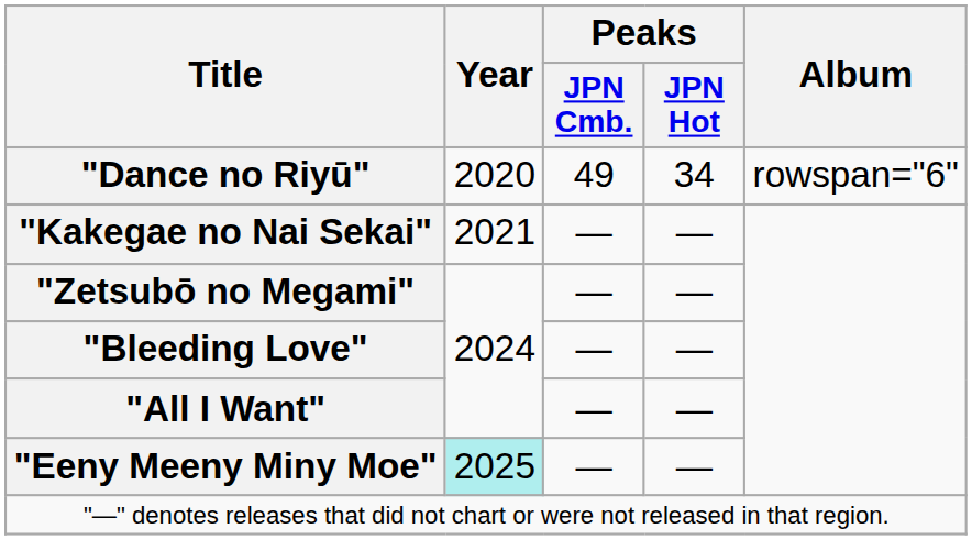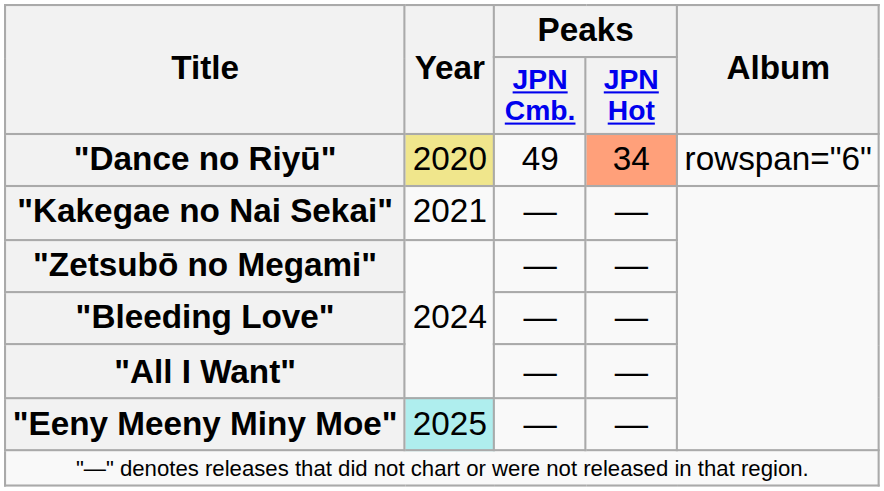 <table class="wikitable plainrowheaders" style="text-align:center">
 <tr>
 <th scope="col" rowspan="2">Title</th>
 <th scope="col" rowspan="2">Year</th>
 <th scope="col" colspan="2">Peaks</th>
 <th scope="col" rowspan="2">Album</th>
 </tr>
 <tr>
 <th scope="col" style="width:2.75em;font-size:85%"><a href='#'>JPN<br>Cmb.</a><br></th>
 <th scope="col" style="width:2.75em;font-size:85%"><a href='#'>JPN<br>Hot</a><br></th>
 </tr>
 <tr>
 <th scope="row">"Dance no Riyū"</th>
-<td>2020</td>
+<td style="background: khaki;">2020</td>
 <td>49</td>
-<td>34</td>
+<td style="background: lightsalmon;">34</td>
 <td>rowspan="6" </td>
 </tr>
 <tr>
 <th scope="row">"Kakegae no Nai Sekai"</th>
 <td>2021</td>
 <td>—</td>
 <td>—</td>
 </tr>
 <tr>
 <th scope="row">"Zetsubō no Megami"</th>
 <td rowspan="3">2024</td>
 <td>—</td>
 <td>—</td>
 </tr>
 <tr>
 <th scope="row">"Bleeding Love"</th>
 <td>—</td>
 <td>—</td>
 </tr>
 <tr>
 <th scope="row">"All I Want"</th>
 <td>—</td>
 <td>—</td>
 </tr>
 <tr>
 <th scope="row">"Eeny Meeny Miny Moe"</th>
 <td style="background: paleturquoise;">2025</td>
 <td>—</td>
 <td>—</td>
 </tr>
 <tr>
 <td colspan="6" style="font-size:8pt">"—" denotes releases that did not chart or were not released in that region.</td>
 </tr>
 </table>
